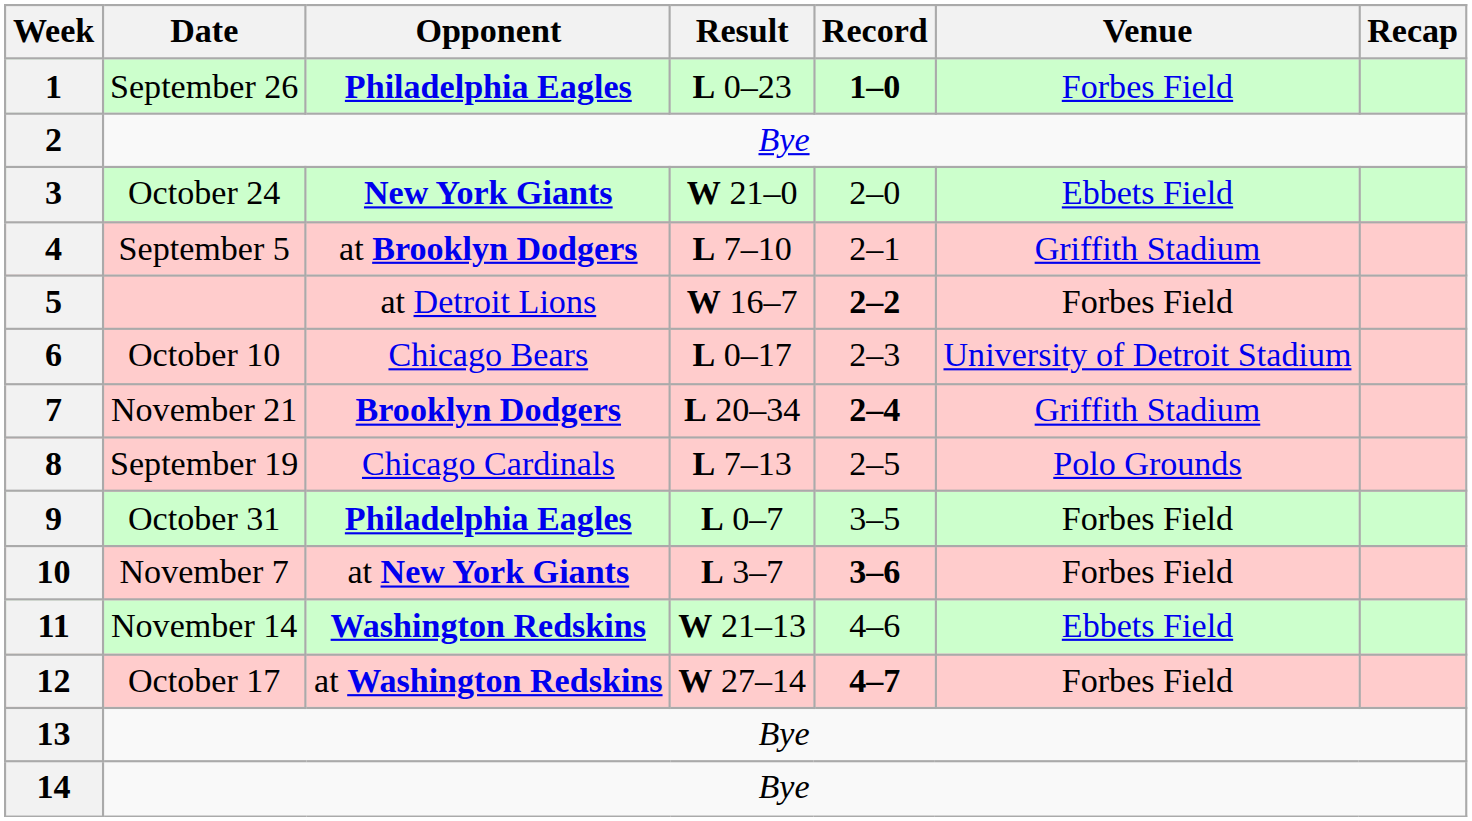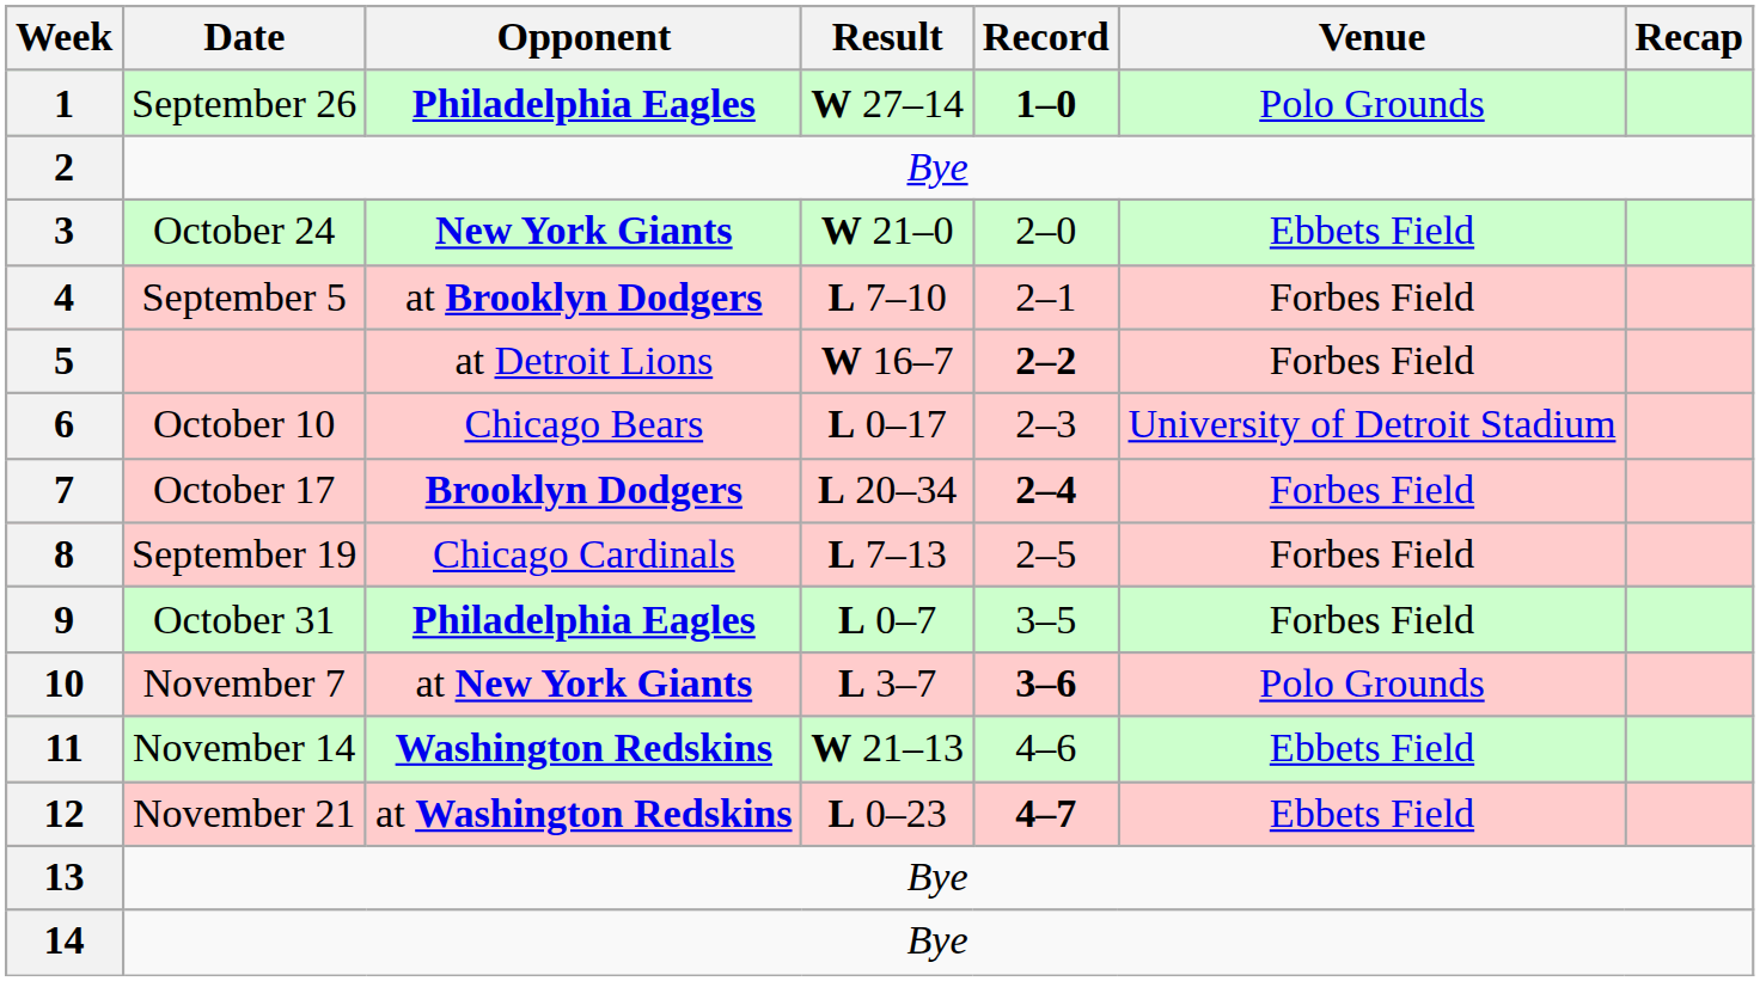 <table class="wikitable" style="text-align:center">
 <tr>
 <th>Week</th>
 <th>Date</th>
 <th>Opponent</th>
 <th>Result</th>
 <th>Record</th>
 <th>Venue</th>
 <th>Recap</th>
 </tr>
 <tr style="background:#cfc">
 <th>1</th>
 <td>September 26</td>
 <td><strong><a href='#'>Philadelphia Eagles</a></strong></td>
-<td><strong>L</strong> 0–23</td>
+<td><strong>W</strong> 27–14</td>
 <td><strong>1–0</strong></td>
-<td><a href='#'>Forbes Field</a></td>
+<td><a href='#'>Polo Grounds</a></td>
 <td></td>
 </tr>
 <tr>
 <th>2</th>
 <td colspan="6"><em><a href='#'>Bye</a></em></td>
 </tr>
 <tr style="background:#cfc">
 <th>3</th>
 <td>October 24</td>
 <td><strong><a href='#'>New York Giants</a></strong></td>
 <td><strong>W</strong> 21–0</td>
 <td>2–0</td>
 <td><a href='#'>Ebbets Field</a></td>
 <td></td>
 </tr>
 <tr style="background:#fcc">
 <th>4</th>
 <td>September 5</td>
 <td>at <strong><a href='#'>Brooklyn Dodgers</a></strong></td>
 <td><strong>L</strong> 7–10</td>
 <td>2–1</td>
-<td><a href='#'>Griffith Stadium</a></td>
+<td>Forbes Field</td>
 <td></td>
 </tr>
 <tr style="background:#fcc">
 <th>5</th>
 <td></td>
 <td>at <a href='#'>Detroit Lions</a></td>
 <td><strong>W</strong> 16–7</td>
 <td><strong>2–2</strong></td>
 <td>Forbes Field</td>
 <td></td>
 </tr>
 <tr style="background:#fcc">
 <th>6</th>
 <td>October 10</td>
 <td><a href='#'>Chicago Bears</a></td>
 <td><strong>L</strong> 0–17</td>
 <td>2–3</td>
 <td><a href='#'>University of Detroit Stadium</a></td>
 <td></td>
 </tr>
 <tr style="background:#fcc">
 <th>7</th>
-<td>November 21</td>
+<td>October 17</td>
 <td><strong><a href='#'>Brooklyn Dodgers</a></strong></td>
 <td><strong>L</strong> 20–34</td>
 <td><strong>2–4</strong></td>
-<td><a href='#'>Griffith Stadium</a></td>
+<td><a href='#'>Forbes Field</a></td>
 <td></td>
 </tr>
 <tr style="background:#fcc">
 <th>8</th>
 <td>September 19</td>
 <td><a href='#'>Chicago Cardinals</a></td>
 <td><strong>L</strong> 7–13</td>
 <td>2–5</td>
-<td><a href='#'>Polo Grounds</a></td>
+<td>Forbes Field</td>
 <td></td>
 </tr>
 <tr style="background:#cfc">
 <th>9</th>
 <td>October 31</td>
 <td><strong><a href='#'>Philadelphia Eagles</a></strong></td>
 <td><strong>L</strong> 0–7</td>
 <td>3–5</td>
 <td>Forbes Field</td>
 <td></td>
 </tr>
 <tr style="background:#fcc">
 <th>10</th>
 <td>November 7</td>
 <td>at <strong><a href='#'>New York Giants</a></strong></td>
 <td><strong>L</strong> 3–7</td>
 <td><strong>3–6</strong></td>
-<td>Forbes Field</td>
+<td><a href='#'>Polo Grounds</a></td>
 <td></td>
 </tr>
 <tr style="background:#cfc">
 <th>11</th>
 <td>November 14</td>
 <td><strong><a href='#'>Washington Redskins</a></strong></td>
 <td><strong>W</strong> 21–13</td>
 <td>4–6</td>
 <td><a href='#'>Ebbets Field</a></td>
 <td></td>
 </tr>
 <tr style="background:#fcc">
 <th>12</th>
-<td>October 17</td>
+<td>November 21</td>
 <td>at <strong><a href='#'>Washington Redskins</a></strong></td>
-<td><strong>W</strong> 27–14</td>
+<td><strong>L</strong> 0–23</td>
 <td><strong>4–7</strong></td>
-<td>Forbes Field</td>
+<td><a href='#'>Ebbets Field</a></td>
 <td></td>
 </tr>
 <tr>
 <th>13</th>
 <td colspan="6"><em>Bye</em></td>
 </tr>
 <tr>
 <th>14</th>
 <td colspan="6"><em>Bye</em></td>
 </tr>
 </table>
